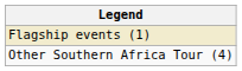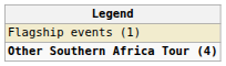 <table class="wikitable" style="font-size:95%;">
 <tr>
 <th>Legend</th>
 </tr>
 <tr style="background:#f2ecce;">
 <td>Flagship events (1)</td>
 </tr>
 <tr>
-<td>Other Southern Africa Tour (4)</td>
+<td><strong>Other Southern Africa Tour (4)</strong></td>
 </tr>
 </table>
